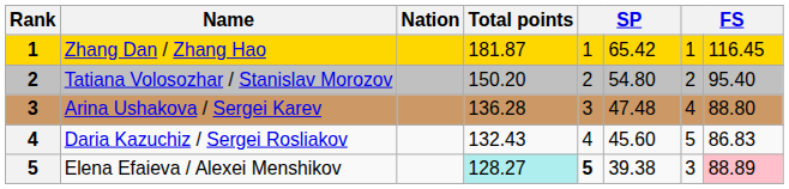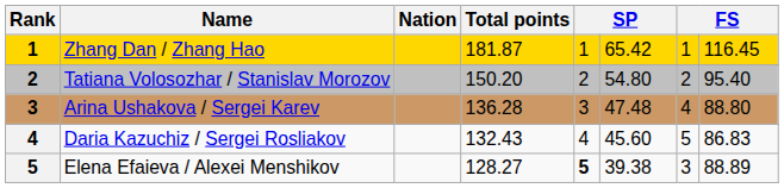 <table class="wikitable sortable">
 <tr>
 <th>Rank</th>
 <th>Name</th>
 <th>Nation</th>
 <th>Total points</th>
 <th colspan="2" width="80px"><a href='#'>SP</a></th>
 <th colspan="2" width="80px"><a href='#'>FS</a></th>
 </tr>
 <tr bgcolor="gold">
 <td align="center"><strong>1</strong></td>
 <td><a href='#'>Zhang Dan</a> / <a href='#'>Zhang Hao</a></td>
 <td></td>
 <td>181.87</td>
 <td>1</td>
 <td>65.42</td>
 <td>1</td>
 <td>116.45</td>
 </tr>
 <tr bgcolor="silver">
 <td align="center"><strong>2</strong></td>
 <td><a href='#'>Tatiana Volosozhar</a> / <a href='#'>Stanislav Morozov</a></td>
 <td></td>
 <td>150.20</td>
 <td>2</td>
 <td>54.80</td>
 <td>2</td>
 <td>95.40</td>
 </tr>
 <tr bgcolor="cc9966">
 <td align="center"><strong>3</strong></td>
 <td><a href='#'>Arina Ushakova</a> / <a href='#'>Sergei Karev</a></td>
 <td></td>
 <td>136.28</td>
 <td>3</td>
 <td>47.48</td>
 <td>4</td>
 <td>88.80</td>
 </tr>
 <tr>
 <th>4</th>
 <td><a href='#'>Daria Kazuchiz</a> / <a href='#'>Sergei Rosliakov</a></td>
 <td></td>
 <td>132.43</td>
 <td>4</td>
 <td>45.60</td>
 <td>5</td>
 <td>86.83</td>
 </tr>
 <tr>
 <th>5</th>
 <td>Elena Efaieva / Alexei Menshikov</td>
 <td></td>
-<td style="background: paleturquoise;">128.27</td>
+<td>128.27</td>
 <td><strong>5</strong></td>
 <td>39.38</td>
 <td>3</td>
-<td style="background: pink;">88.89</td>
+<td>88.89</td>
 </tr>
 </table>
